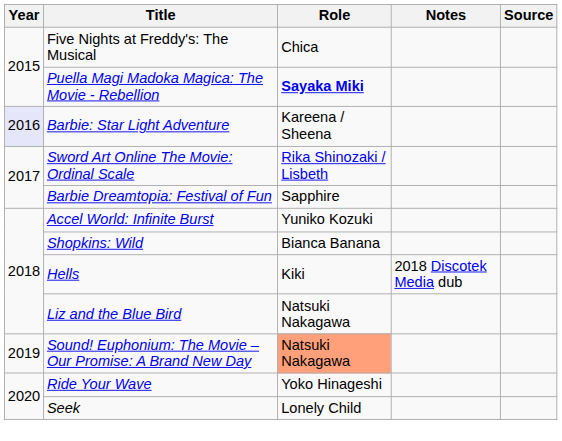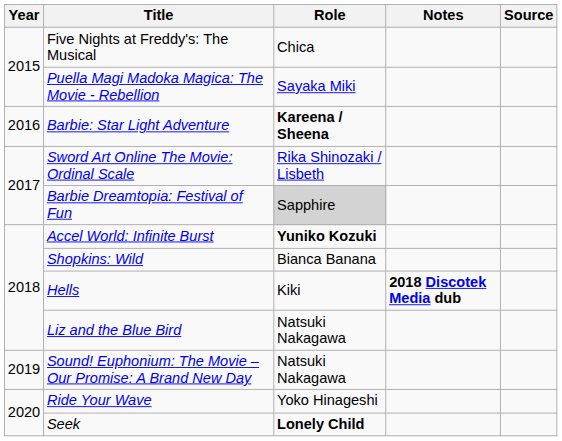 <table class="wikitable sortable plainrowheaders">
 <tr>
 <th>Year</th>
 <th>Title</th>
 <th>Role</th>
 <th class="unsortable">Notes</th>
 <th class="unsortable">Source</th>
 </tr>
 <tr>
 <td rowspan="2">2015</td>
 <td>Five Nights at Freddy's: The Musical</td>
 <td>Chica</td>
 <td></td>
 <td></td>
 </tr>
 <tr>
 <td><em><a href='#'>Puella Magi Madoka Magica: The Movie - Rebellion</a></em></td>
-<td><strong><a href='#'>Sayaka Miki</a></strong></td>
+<td><a href='#'>Sayaka Miki</a></td>
 <td></td>
 <td></td>
 </tr>
 <tr>
-<td style="background: lavender;">2016</td>
+<td>2016</td>
 <td><em><a href='#'>Barbie: Star Light Adventure</a></em></td>
-<td>Kareena / Sheena</td>
+<td><strong>Kareena / Sheena</strong></td>
 <td></td>
 <td></td>
 </tr>
 <tr>
 <td rowspan="2">2017</td>
 <td><em><a href='#'>Sword Art Online The Movie: Ordinal Scale</a></em></td>
 <td><a href='#'>Rika Shinozaki / Lisbeth</a></td>
 <td></td>
 <td></td>
 </tr>
 <tr>
 <td><a href='#'><em>Barbie Dreamtopia: Festival of Fun</em></a></td>
-<td>Sapphire</td>
+<td style="background: lightgrey;">Sapphire</td>
 <td></td>
 <td></td>
 </tr>
 <tr>
 <td rowspan="4">2018</td>
 <td><em><a href='#'>Accel World: Infinite Burst</a></em></td>
-<td>Yuniko Kozuki</td>
+<td><strong>Yuniko Kozuki</strong></td>
 <td></td>
 <td></td>
 </tr>
 <tr>
 <td><em><a href='#'>Shopkins: Wild</a></em></td>
 <td>Bianca Banana</td>
 <td></td>
 <td></td>
 </tr>
 <tr>
 <td><em><a href='#'>Hells</a></em></td>
 <td>Kiki</td>
-<td>2018 <a href='#'>Discotek Media</a> dub</td>
+<td><strong>2018 <a href='#'>Discotek Media</a> dub</strong></td>
 <td></td>
 </tr>
 <tr>
 <td><em><a href='#'>Liz and the Blue Bird</a></em></td>
 <td>Natsuki Nakagawa</td>
 <td></td>
 <td></td>
 </tr>
 <tr>
 <td>2019</td>
 <td><em><a href='#'>Sound! Euphonium: The Movie – Our Promise: A Brand New Day</a></em></td>
-<td style="background: lightsalmon;">Natsuki Nakagawa</td>
+<td>Natsuki Nakagawa</td>
 <td></td>
 <td></td>
 </tr>
 <tr>
 <td rowspan="2">2020</td>
 <td><em><a href='#'>Ride Your Wave</a></em></td>
 <td>Yoko Hinageshi</td>
 <td></td>
 <td></td>
 </tr>
 <tr>
 <td><em>Seek</em></td>
-<td>Lonely Child</td>
+<td><strong>Lonely Child</strong></td>
 <td></td>
 <td></td>
 </tr>
 </table>
